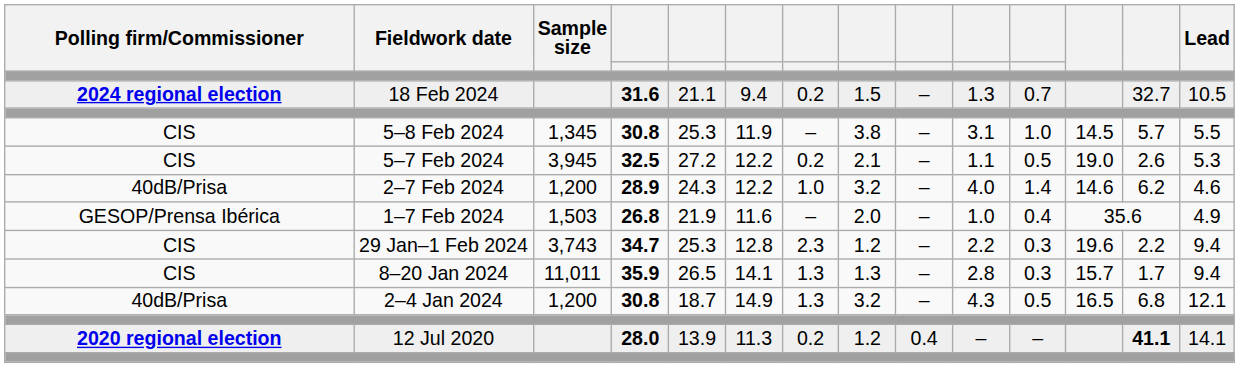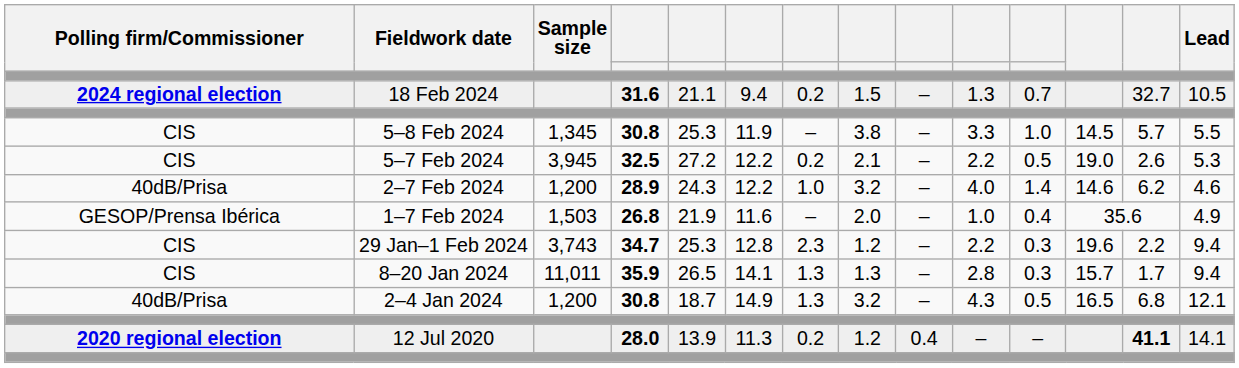 <table class="wikitable collapsible collapsed" style="text-align:center; font-size:90%; line-height:14px;">
 <tr style="height:42px;">
 <th style="width:250px;" rowspan="2">Polling firm/Commissioner</th>
 <th style="width:125px;" rowspan="2">Fieldwork date</th>
 <th style="width:50px;" rowspan="2">Sample size</th>
 <th style="width:35px;"></th>
 <th style="width:35px;"></th>
 <th style="width:35px;"></th>
 <th style="width:35px;"><br></th>
 <th style="width:35px;"></th>
 <th style="width:35px;"></th>
 <th style="width:35px;"></th>
 <th style="width:35px;"></th>
 <th style="width:35px;" rowspan="2"></th>
 <th style="width:35px;" rowspan="2"></th>
 <th style="width:30px;" rowspan="2">Lead</th>
 </tr>
 <tr>
 <th style="color:inherit;background:"></th>
 <th style="color:inherit;background:"></th>
 <th style="color:inherit;background:"></th>
 <th style="color:inherit;background:"></th>
 <th style="color:inherit;background:"></th>
 <th style="color:inherit;background:"></th>
 <th style="color:inherit;background:"></th>
 <th style="color:inherit;background:"></th>
 </tr>
 <tr>
 <td colspan="14" style="background:#A0A0A0"></td>
 </tr>
 <tr style="background:#EFEFEF;">
 <td><strong><a href='#'>2024 regional election</a></strong></td>
 <td>18 Feb 2024</td>
 <td></td>
 <td><strong>31.6</strong></td>
 <td>21.1</td>
 <td>9.4</td>
 <td>0.2</td>
 <td>1.5</td>
 <td>–</td>
 <td>1.3</td>
 <td>0.7</td>
 <td></td>
 <td>32.7</td>
 <td style="background:">10.5</td>
 </tr>
 <tr>
 <td colspan="14" style="background:#A0A0A0"></td>
 </tr>
 <tr>
 <td>CIS</td>
 <td>5–8 Feb 2024</td>
 <td>1,345</td>
 <td><strong>30.8</strong></td>
 <td>25.3</td>
 <td>11.9</td>
 <td>–</td>
 <td>3.8</td>
 <td>–</td>
-<td>3.1</td>
+<td>3.3</td>
 <td>1.0</td>
 <td>14.5</td>
 <td>5.7</td>
 <td style="background:">5.5</td>
 </tr>
 <tr>
 <td>CIS</td>
 <td>5–7 Feb 2024</td>
 <td>3,945</td>
 <td><strong>32.5</strong></td>
 <td>27.2</td>
 <td>12.2</td>
 <td>0.2</td>
 <td>2.1</td>
 <td>–</td>
-<td>1.1</td>
+<td>2.2</td>
 <td>0.5</td>
 <td>19.0</td>
 <td>2.6</td>
 <td style="background:">5.3</td>
 </tr>
 <tr>
 <td>40dB/Prisa</td>
 <td>2–7 Feb 2024</td>
 <td>1,200</td>
 <td><strong>28.9</strong></td>
 <td>24.3</td>
 <td>12.2</td>
 <td>1.0</td>
 <td>3.2</td>
 <td>–</td>
 <td>4.0</td>
 <td>1.4</td>
 <td>14.6</td>
 <td>6.2</td>
 <td style="background:">4.6</td>
 </tr>
 <tr>
 <td>GESOP/Prensa Ibérica</td>
 <td>1–7 Feb 2024</td>
 <td>1,503</td>
 <td><strong>26.8</strong></td>
 <td>21.9</td>
 <td>11.6</td>
 <td>–</td>
 <td>2.0</td>
 <td>–</td>
 <td>1.0</td>
 <td>0.4</td>
 <td colspan="2">35.6</td>
 <td style="background:">4.9</td>
 </tr>
 <tr>
 <td>CIS</td>
 <td>29 Jan–1 Feb 2024</td>
 <td>3,743</td>
 <td><strong>34.7</strong></td>
 <td>25.3</td>
 <td>12.8</td>
 <td>2.3</td>
 <td>1.2</td>
 <td>–</td>
 <td>2.2</td>
 <td>0.3</td>
 <td>19.6</td>
 <td>2.2</td>
 <td style="background:">9.4</td>
 </tr>
 <tr>
 <td>CIS</td>
 <td>8–20 Jan 2024</td>
 <td>11,011</td>
 <td><strong>35.9</strong></td>
 <td>26.5</td>
 <td>14.1</td>
 <td>1.3</td>
 <td>1.3</td>
 <td>–</td>
 <td>2.8</td>
 <td>0.3</td>
 <td>15.7</td>
 <td>1.7</td>
 <td style="background:">9.4</td>
 </tr>
 <tr>
 <td>40dB/Prisa</td>
 <td>2–4 Jan 2024</td>
 <td>1,200</td>
 <td><strong>30.8</strong></td>
 <td>18.7</td>
 <td>14.9</td>
 <td>1.3</td>
 <td>3.2</td>
 <td>–</td>
 <td>4.3</td>
 <td>0.5</td>
 <td>16.5</td>
 <td>6.8</td>
 <td style="background:">12.1</td>
 </tr>
 <tr>
 <td colspan="14" style="background:#A0A0A0"></td>
 </tr>
 <tr style="background:#EFEFEF;">
 <td><strong><a href='#'>2020 regional election</a></strong></td>
 <td>12 Jul 2020</td>
 <td></td>
 <td><strong>28.0</strong></td>
 <td>13.9</td>
 <td>11.3</td>
 <td>0.2</td>
 <td>1.2</td>
 <td>0.4</td>
 <td>–</td>
 <td>–</td>
 <td></td>
 <td><strong>41.1</strong></td>
 <td style="background:">14.1</td>
 </tr>
 <tr>
 <td colspan="14" style="background:#A0A0A0"></td>
 </tr>
 </table>
